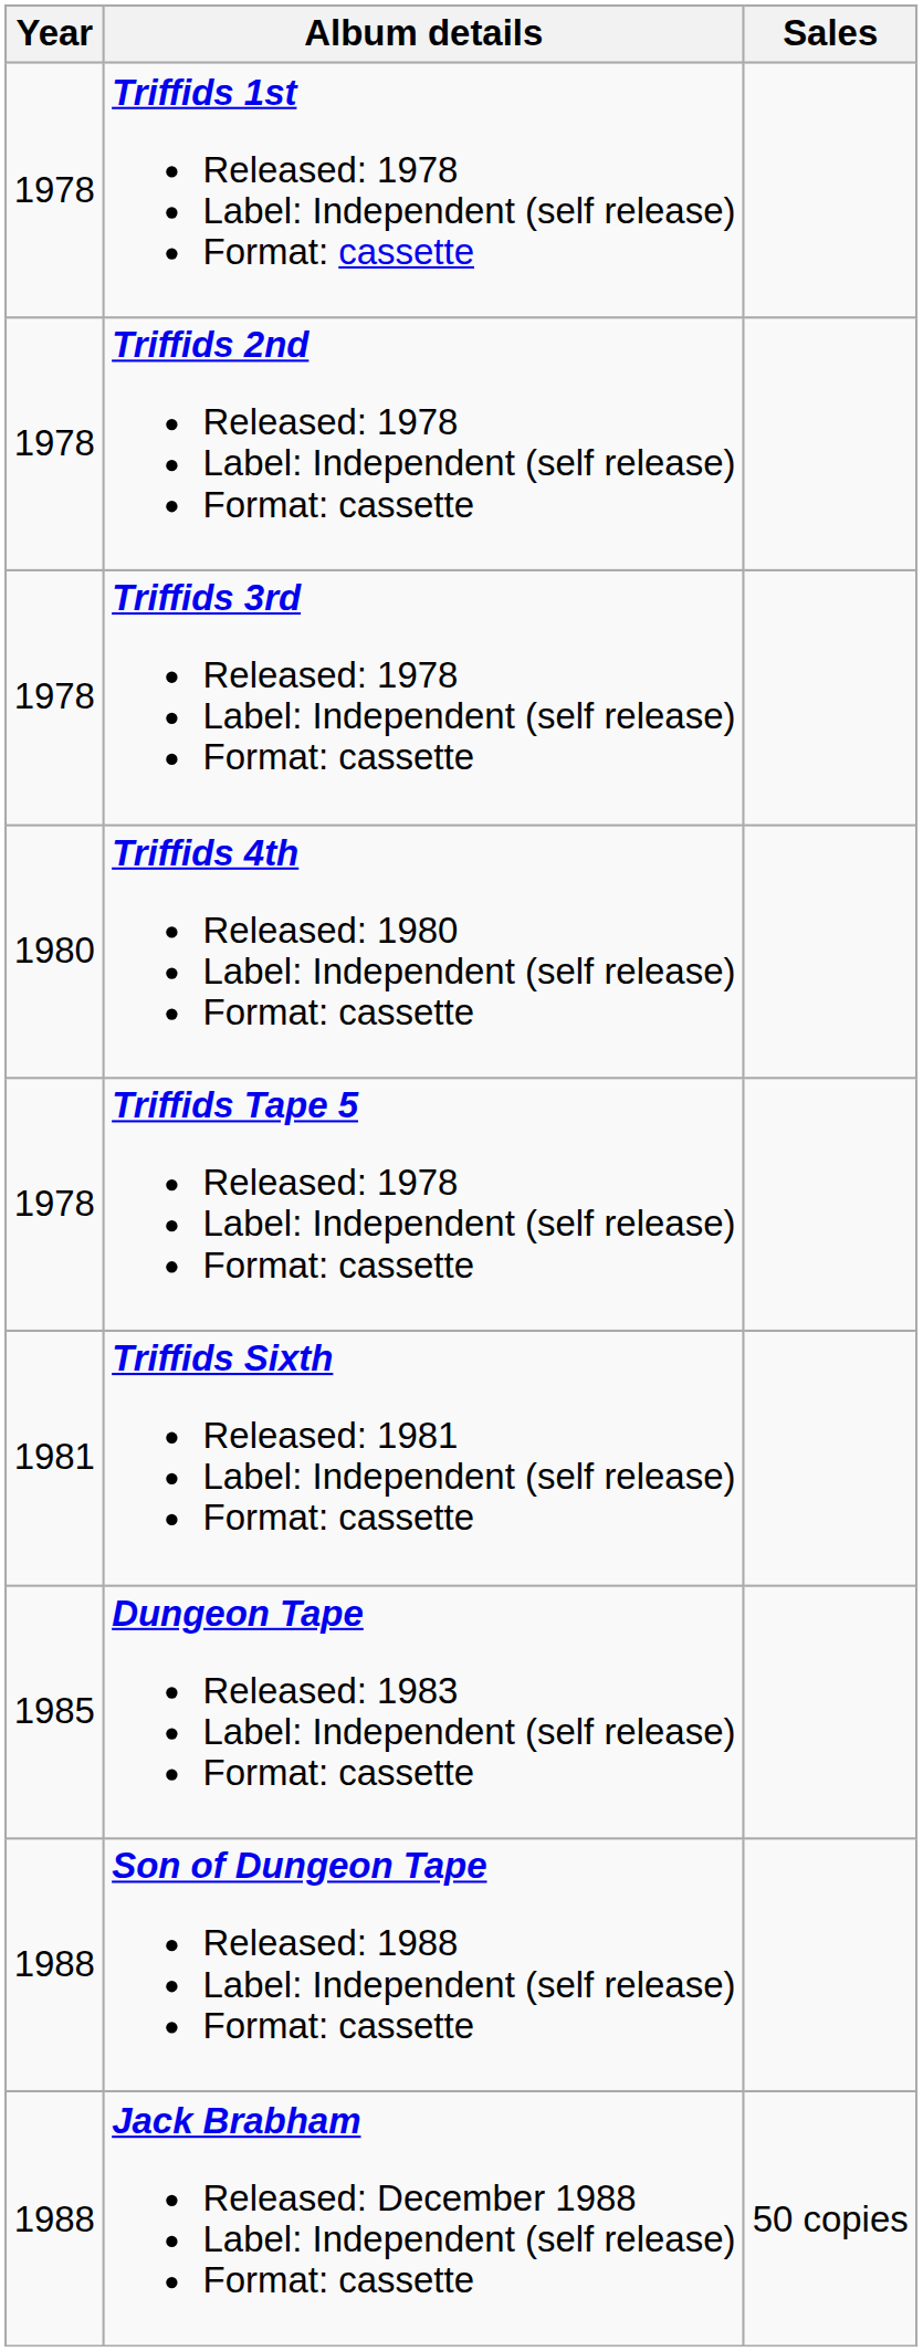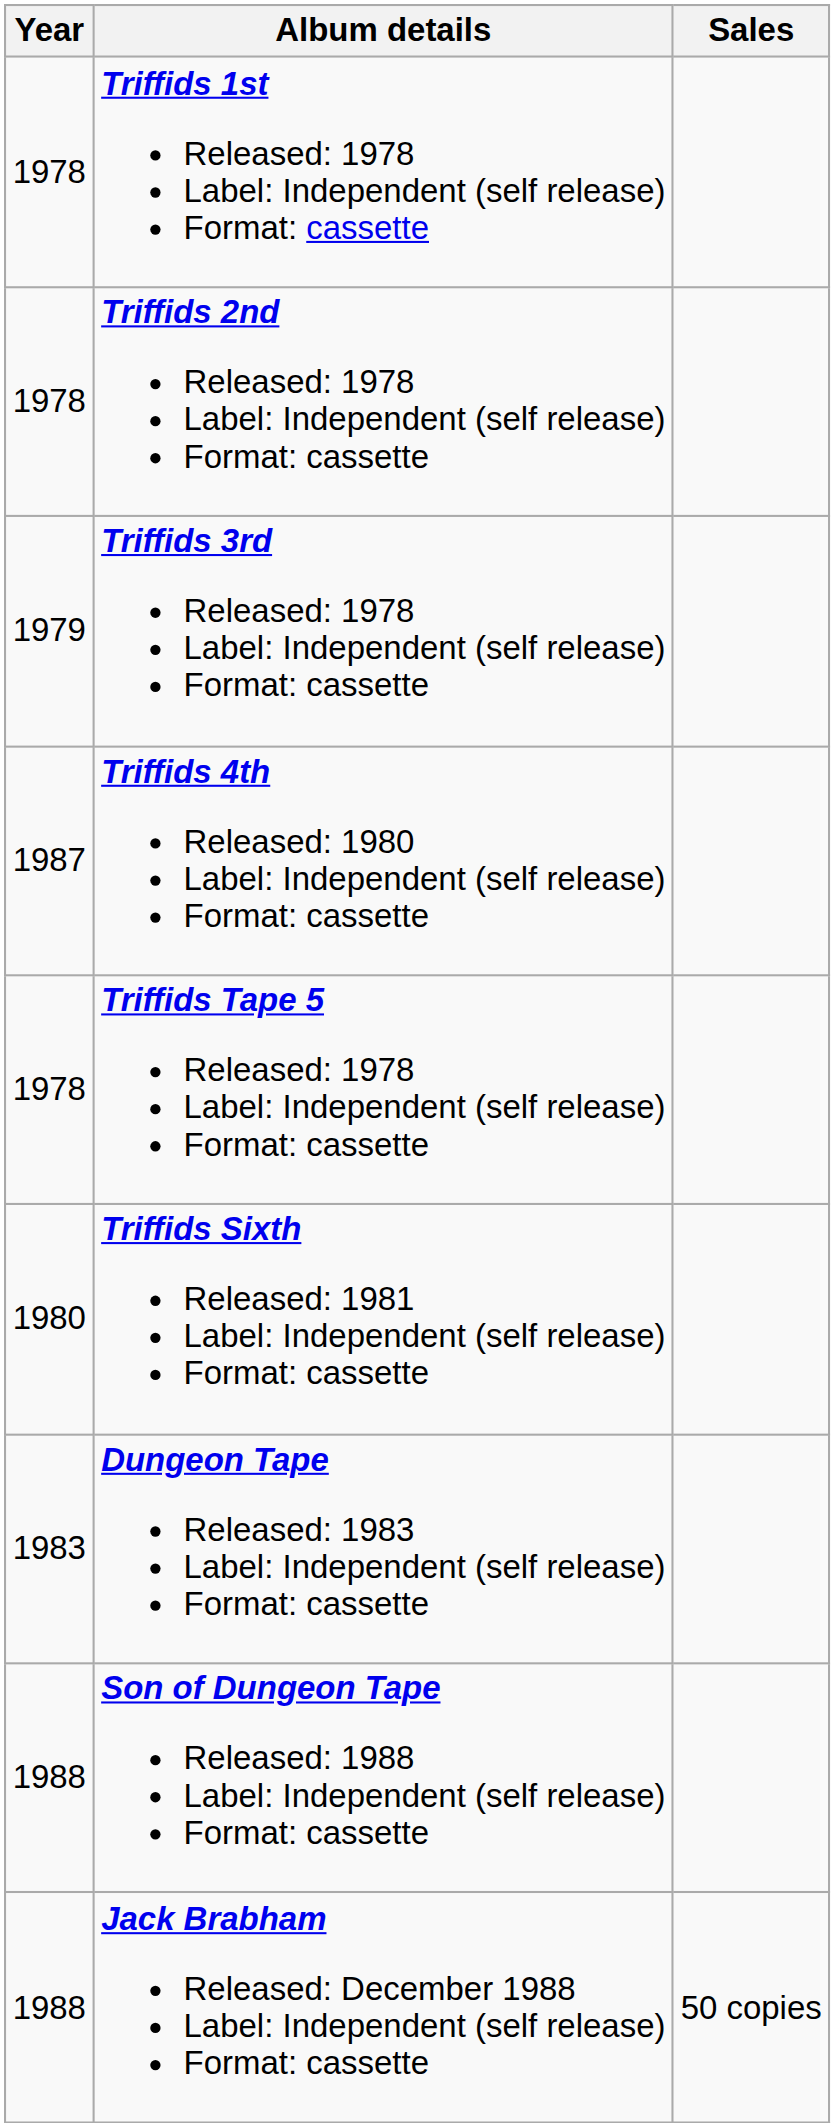 <table class="wikitable">
 <tr>
 <th>Year</th>
 <th>Album details</th>
 <th>Sales</th>
 </tr>
 <tr>
 <td align="center">1978</td>
 <td><strong><em><a href='#'>Triffids 1st</a></em></strong><br><ul><li>Released: 1978</li><li>Label: Independent (self release)</li><li>Format: <a href='#'>cassette</a></li></ul></td>
 <td></td>
 </tr>
 <tr>
 <td align="center">1978</td>
 <td><strong><em><a href='#'>Triffids 2nd</a></em></strong><br><ul><li>Released: 1978</li><li>Label: Independent (self release)</li><li>Format: cassette</li></ul></td>
 <td></td>
 </tr>
 <tr>
-<td align="center">1978</td>
+<td align="center">1979</td>
 <td><strong><em><a href='#'>Triffids 3rd</a></em></strong><br><ul><li>Released: 1978</li><li>Label: Independent (self release)</li><li>Format: cassette</li></ul></td>
 <td></td>
 </tr>
 <tr>
-<td align="center">1980</td>
+<td align="center">1987</td>
 <td><strong><em><a href='#'>Triffids 4th</a></em></strong><br><ul><li>Released: 1980</li><li>Label: Independent (self release)</li><li>Format: cassette</li></ul></td>
 <td></td>
 </tr>
 <tr>
 <td align="center">1978</td>
 <td><strong><em><a href='#'>Triffids Tape 5</a></em></strong><br><ul><li>Released: 1978</li><li>Label: Independent (self release)</li><li>Format: cassette</li></ul></td>
 <td></td>
 </tr>
 <tr>
-<td align="center">1981</td>
+<td align="center">1980</td>
 <td><strong><em><a href='#'>Triffids Sixth</a></em></strong><br><ul><li>Released: 1981</li><li>Label: Independent (self release)</li><li>Format: cassette</li></ul></td>
 <td></td>
 </tr>
 <tr>
-<td align="center">1985</td>
+<td align="center">1983</td>
 <td><strong><em><a href='#'>Dungeon Tape</a></em></strong><br><ul><li>Released: 1983</li><li>Label: Independent (self release)</li><li>Format: cassette</li></ul></td>
 <td></td>
 </tr>
 <tr>
 <td align="center">1988</td>
 <td><strong><em><a href='#'>Son of Dungeon Tape</a></em></strong><br><ul><li>Released: 1988</li><li>Label: Independent (self release)</li><li>Format: cassette</li></ul></td>
 <td></td>
 </tr>
 <tr>
 <td align="center">1988</td>
 <td><strong><em><a href='#'>Jack Brabham</a></em></strong><br><ul><li>Released: December 1988</li><li>Label: Independent (self release)</li><li>Format: cassette</li></ul></td>
 <td>50 copies</td>
 </tr>
 <tr>
 </tr>
 </table>
